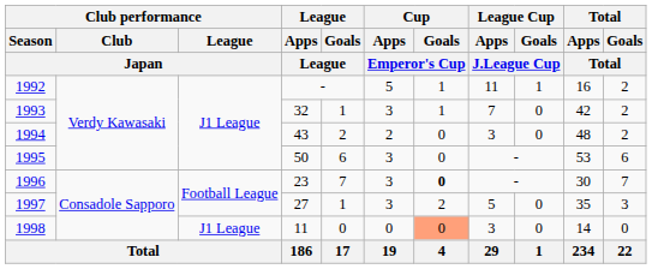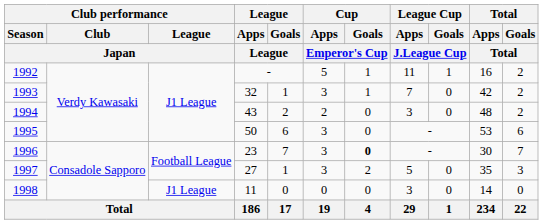 <table class="wikitable" style="text-align:center;">
 <tr>
 <th colspan=3>Club performance</th>
 <th colspan=2>League</th>
 <th colspan=2>Cup</th>
 <th colspan=2>League Cup</th>
 <th colspan=2>Total</th>
 </tr>
 <tr>
 <th>Season</th>
 <th>Club</th>
 <th>League</th>
 <th>Apps</th>
 <th>Goals</th>
 <th>Apps</th>
 <th>Goals</th>
 <th>Apps</th>
 <th>Goals</th>
 <th>Apps</th>
 <th>Goals</th>
 </tr>
 <tr>
 <th colspan=3>Japan</th>
 <th colspan=2>League</th>
 <th colspan=2><a href='#'>Emperor's Cup</a></th>
 <th colspan=2><a href='#'>J.League Cup</a></th>
 <th colspan=2>Total</th>
 </tr>
 <tr>
 <td><a href='#'>1992</a></td>
 <td rowspan="4"><a href='#'>Verdy Kawasaki</a></td>
 <td rowspan="4"><a href='#'>J1 League</a></td>
 <td colspan="2">-</td>
 <td>5</td>
 <td>1</td>
 <td>11</td>
 <td>1</td>
 <td>16</td>
 <td>2</td>
 </tr>
 <tr>
 <td><a href='#'>1993</a></td>
 <td>32</td>
 <td>1</td>
 <td>3</td>
 <td>1</td>
 <td>7</td>
 <td>0</td>
 <td>42</td>
 <td>2</td>
 </tr>
 <tr>
 <td><a href='#'>1994</a></td>
 <td>43</td>
 <td>2</td>
 <td>2</td>
 <td>0</td>
 <td>3</td>
 <td>0</td>
 <td>48</td>
 <td>2</td>
 </tr>
 <tr>
 <td><a href='#'>1995</a></td>
 <td>50</td>
 <td>6</td>
 <td>3</td>
 <td>0</td>
 <td colspan="2">-</td>
 <td>53</td>
 <td>6</td>
 </tr>
 <tr>
 <td><a href='#'>1996</a></td>
 <td rowspan="3"><a href='#'>Consadole Sapporo</a></td>
 <td rowspan="2"><a href='#'>Football League</a></td>
 <td>23</td>
 <td>7</td>
 <td>3</td>
 <td><strong>0</strong></td>
 <td colspan="2">-</td>
 <td>30</td>
 <td>7</td>
 </tr>
 <tr>
 <td><a href='#'>1997</a></td>
 <td>27</td>
 <td>1</td>
 <td>3</td>
 <td>2</td>
 <td>5</td>
 <td>0</td>
 <td>35</td>
 <td>3</td>
 </tr>
 <tr>
 <td><a href='#'>1998</a></td>
 <td><a href='#'>J1 League</a></td>
 <td>11</td>
 <td>0</td>
 <td>0</td>
-<td style="background: lightsalmon;">0</td>
+<td>0</td>
 <td>3</td>
 <td>0</td>
 <td>14</td>
 <td>0</td>
 </tr>
 <tr>
 <th colspan=3>Total</th>
 <th>186</th>
 <th>17</th>
 <th>19</th>
 <th>4</th>
 <th>29</th>
 <th>1</th>
 <th>234</th>
 <th>22</th>
 </tr>
 </table>
